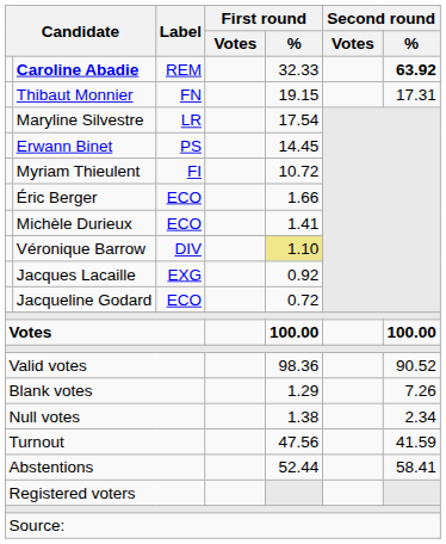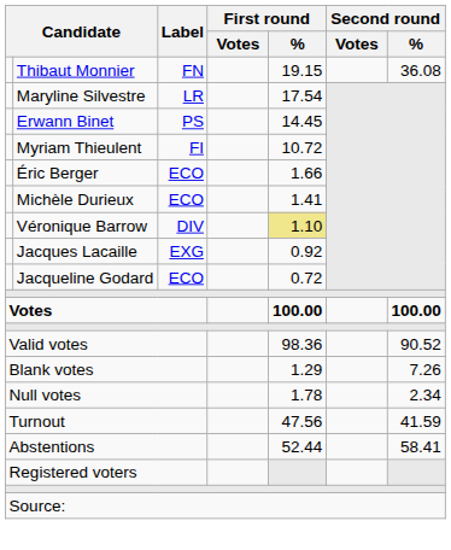 <table class="wikitable" style="text-align:right;font-size:95%;">
 <tr>
 <th rowspan="2" colspan="2">Candidate</th>
 <th rowspan="2">Label</th>
 <th colspan="2">First round</th>
 <th colspan="2">Second round</th>
 </tr>
 <tr>
 <th style="width:50px;">Votes</th>
 <th style="width:45px;">%</th>
 <th style="width:50px;">Votes</th>
 <th style="width:45px;">%</th>
 </tr>
 <tr>
 <td style="color:inherit;background:"></td>
-<td style="text-align:left;"><strong><a href='#'>Caroline Abadie</a></strong></td>
-<td><a href='#'>REM</a></td>
-<td></td>
-<td>32.33</td>
-<td><strong></strong></td>
-<td><strong>63.92</strong></td>
-</tr>
-<tr>
-<td style="color:inherit;background:"></td>
 <td style="text-align:left;"><a href='#'>Thibaut Monnier</a></td>
 <td><a href='#'>FN</a></td>
 <td></td>
 <td>19.15</td>
 <td></td>
-<td>17.31</td>
+<td>36.08</td>
 </tr>
 <tr>
 <td style="color:inherit;background:"></td>
 <td style="text-align:left;">Maryline Silvestre</td>
 <td><a href='#'>LR</a></td>
 <td></td>
 <td>17.54</td>
 <td colspan="2" rowspan="8" style="background:#E9E9E9;"></td>
 </tr>
 <tr>
 <td style="color:inherit;background:"></td>
 <td style="text-align:left;"><a href='#'>Erwann Binet</a></td>
 <td><a href='#'>PS</a></td>
 <td></td>
 <td>14.45</td>
 </tr>
 <tr>
 <td style="color:inherit;background:"></td>
 <td style="text-align:left;">Myriam Thieulent</td>
 <td><a href='#'>FI</a></td>
 <td></td>
 <td>10.72</td>
 </tr>
 <tr>
 <td style="color:inherit;background:"></td>
 <td style="text-align:left;">Éric Berger</td>
 <td><a href='#'>ECO</a></td>
 <td></td>
 <td>1.66</td>
 </tr>
 <tr>
 <td style="color:inherit;background:"></td>
 <td style="text-align:left;">Michèle Durieux</td>
 <td><a href='#'>ECO</a></td>
 <td></td>
 <td>1.41</td>
 </tr>
 <tr>
 <td style="color:inherit;background:"></td>
 <td style="text-align:left;">Véronique Barrow</td>
 <td><a href='#'>DIV</a></td>
 <td></td>
 <td style="background: khaki;">1.10</td>
 </tr>
 <tr>
 <td style="color:inherit;background:"></td>
 <td style="text-align:left;">Jacques Lacaille</td>
 <td><a href='#'>EXG</a></td>
 <td></td>
 <td>0.92</td>
 </tr>
 <tr>
 <td style="color:inherit;background:"></td>
 <td style="text-align:left;">Jacqueline Godard</td>
 <td><a href='#'>ECO</a></td>
 <td></td>
 <td>0.72</td>
 </tr>
 <tr>
 <td colspan="7" style="background:#E9E9E9;"></td>
 </tr>
 <tr style="font-weight:bold;">
 <td colspan="3" style="text-align:left;">Votes</td>
 <td></td>
 <td>100.00</td>
 <td></td>
 <td>100.00</td>
 </tr>
 <tr>
 <td colspan="7" style="background:#E9E9E9;"></td>
 </tr>
 <tr>
 <td colspan="3" style="text-align:left;">Valid votes</td>
 <td></td>
 <td>98.36</td>
 <td></td>
 <td>90.52</td>
 </tr>
 <tr>
 <td colspan="3" style="text-align:left;">Blank votes</td>
 <td></td>
 <td>1.29</td>
 <td></td>
 <td>7.26</td>
 </tr>
 <tr>
 <td colspan="3" style="text-align:left;">Null votes</td>
 <td></td>
-<td>1.38</td>
+<td>1.78</td>
 <td></td>
 <td>2.34</td>
 </tr>
 <tr>
 <td colspan="3" style="text-align:left;">Turnout</td>
 <td></td>
 <td>47.56</td>
 <td></td>
 <td>41.59</td>
 </tr>
 <tr>
 <td colspan="3" style="text-align:left;">Abstentions</td>
 <td></td>
 <td>52.44</td>
 <td></td>
 <td>58.41</td>
 </tr>
 <tr>
 <td colspan="3" style="text-align:left;">Registered voters</td>
 <td></td>
 <td style="color:inherit;background:#E9E9E9;"></td>
 <td></td>
 <td style="color:inherit;background:#E9E9E9;"></td>
 </tr>
 <tr>
 <td colspan="7" style="background:#E9E9E9;"></td>
 </tr>
 <tr>
 <td colspan="7" style="text-align:left;">Source: </td>
 </tr>
 </table>
